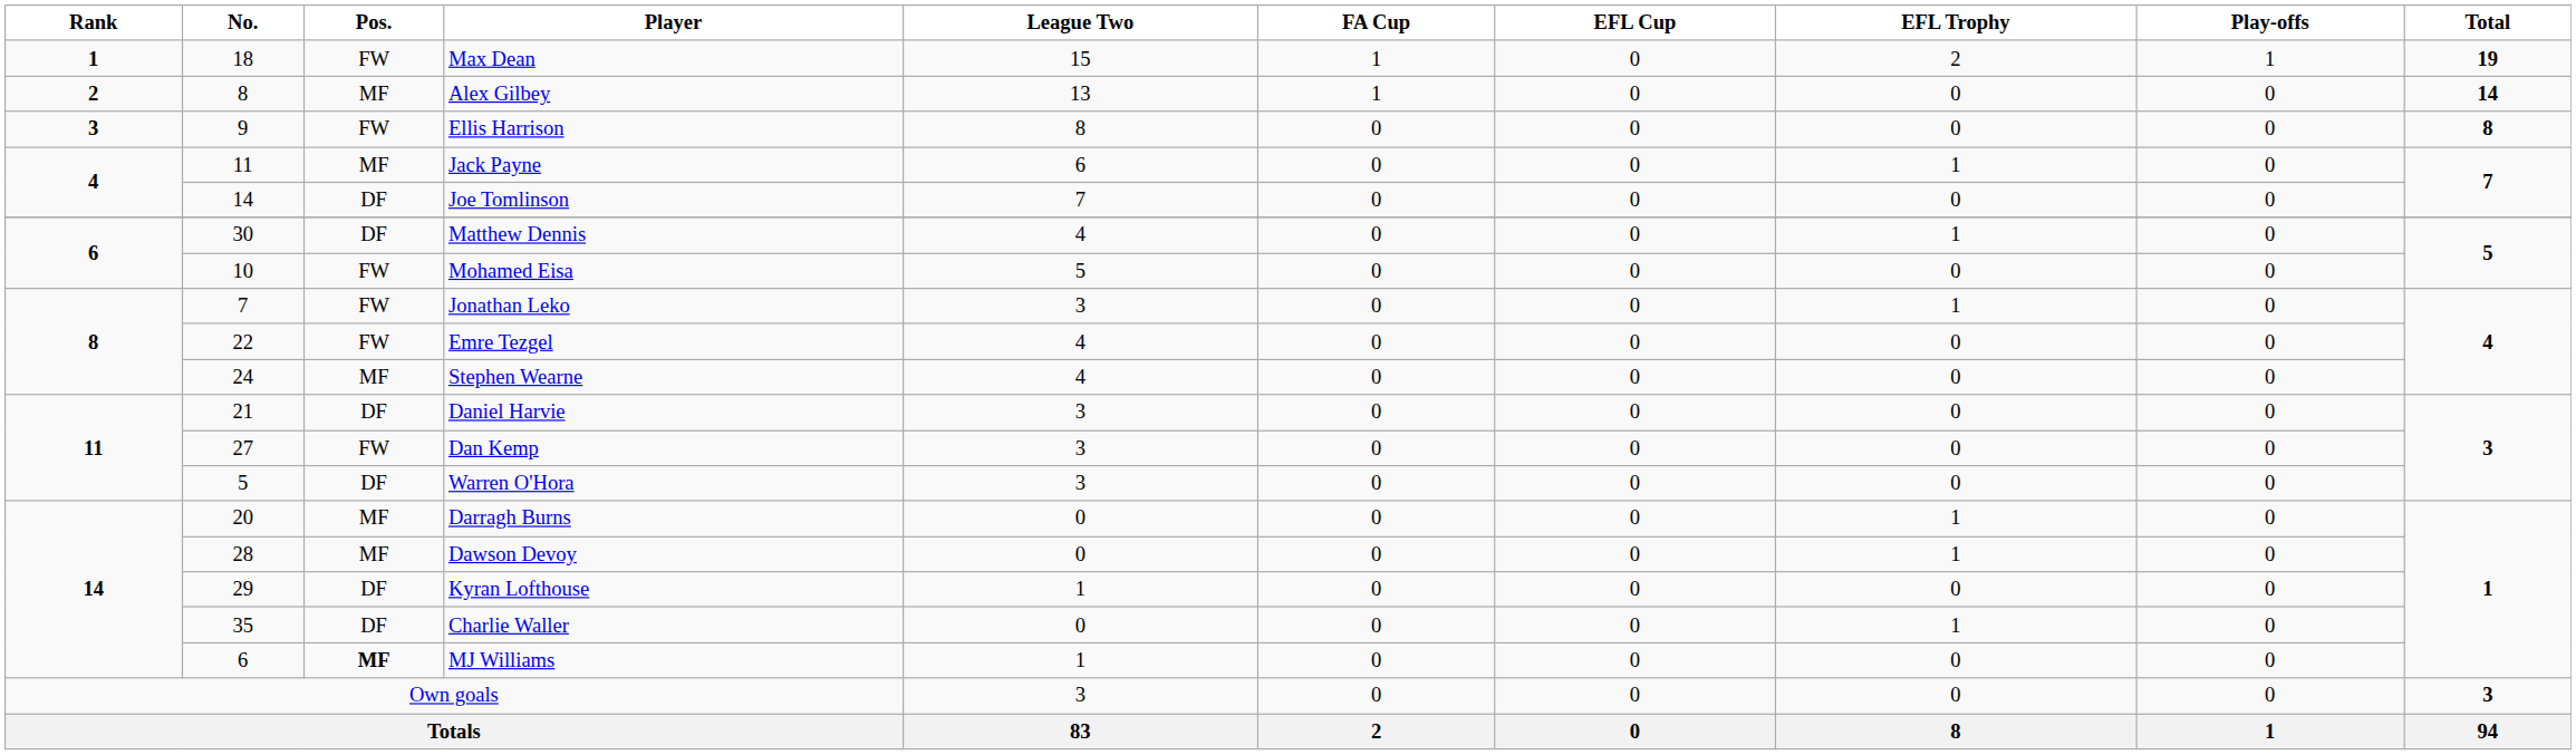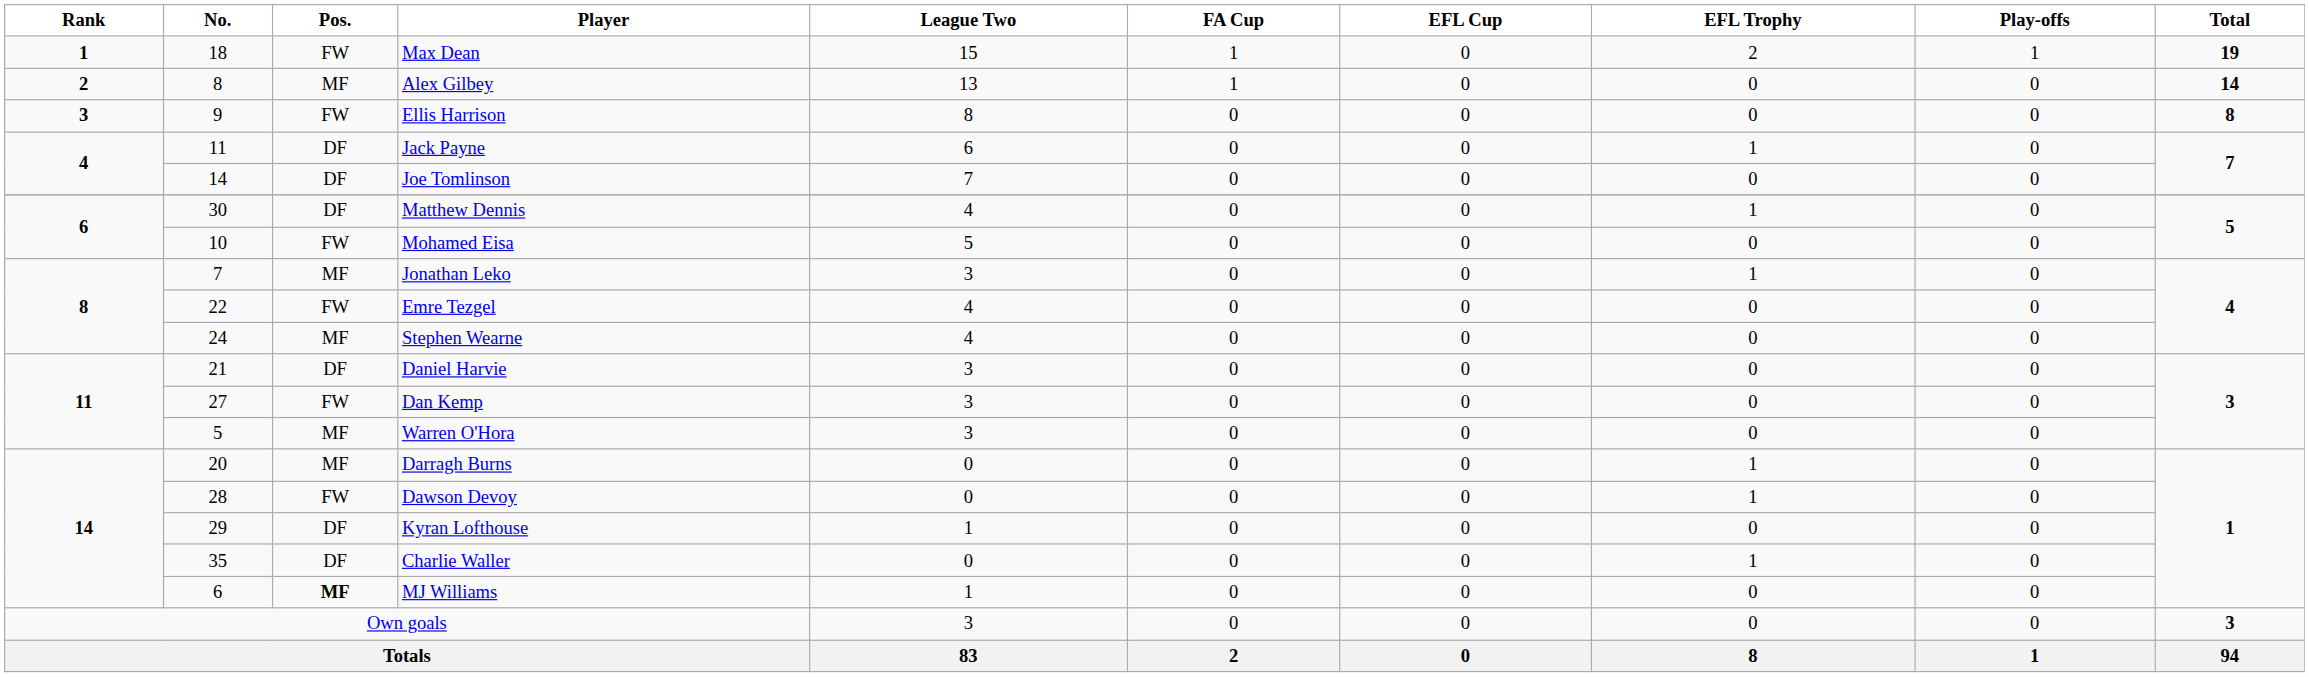 <table class="wikitable" style="font-size:100%; text-align:center; line-height:20px; width:100%;">
 <tr>
 <th style="background:white; color:black; ">Rank</th>
 <th style="background:white; color:black; ">No.</th>
 <th style="background:white; color:black; ">Pos.</th>
 <th style="background:white; color:black; ">Player</th>
 <th style="background:white; color:black; ">League Two</th>
 <th style="background:white; color:black; ">FA Cup</th>
 <th style="background:white; color:black; ">EFL Cup</th>
 <th style="background:white; color:black; ">EFL Trophy</th>
 <th style="background:white; color:black; ">Play-offs</th>
 <th style="background:white; color:black; ">Total</th>
 </tr>
 <tr>
 <td><strong>1</strong></td>
 <td>18</td>
 <td>FW</td>
 <td style="text-align:left;"> <a href='#'>Max Dean</a></td>
 <td>15</td>
 <td>1</td>
 <td>0</td>
 <td>2</td>
 <td>1</td>
 <td><strong>19</strong></td>
 </tr>
 <tr>
 <td><strong>2</strong></td>
 <td>8</td>
 <td>MF</td>
 <td style="text-align:left;"> <a href='#'>Alex Gilbey</a></td>
 <td>13</td>
 <td>1</td>
 <td>0</td>
 <td>0</td>
 <td>0</td>
 <td><strong>14</strong></td>
 </tr>
 <tr>
 <td><strong>3</strong></td>
 <td>9</td>
 <td>FW</td>
 <td style="text-align:left;"> <a href='#'>Ellis Harrison</a></td>
 <td>8</td>
 <td>0</td>
 <td>0</td>
 <td>0</td>
 <td>0</td>
 <td><strong>8</strong></td>
 </tr>
 <tr>
 <td rowspan=2><strong>4</strong></td>
 <td>11</td>
-<td>MF</td>
+<td>DF</td>
 <td style="text-align:left;"> <a href='#'>Jack Payne</a></td>
 <td>6</td>
 <td>0</td>
 <td>0</td>
 <td>1</td>
 <td>0</td>
 <td rowspan=2><strong>7</strong></td>
 </tr>
 <tr>
 <td>14</td>
 <td>DF</td>
 <td style="text-align:left;"> <a href='#'>Joe Tomlinson</a></td>
 <td>7</td>
 <td>0</td>
 <td>0</td>
 <td>0</td>
 <td>0</td>
 </tr>
 <tr>
 </tr>
 <tr>
 <td rowspan=2><strong>6</strong></td>
 <td>30</td>
 <td>DF</td>
 <td style="text-align:left;"> <a href='#'>Matthew Dennis</a></td>
 <td>4</td>
 <td>0</td>
 <td>0</td>
 <td>1</td>
 <td>0</td>
 <td rowspan=2><strong>5</strong></td>
 </tr>
 <tr>
 <td>10</td>
 <td>FW</td>
 <td style="text-align:left;"> <a href='#'>Mohamed Eisa</a></td>
 <td>5</td>
 <td>0</td>
 <td>0</td>
 <td>0</td>
 <td>0</td>
 </tr>
 <tr>
 <td rowspan=3><strong>8</strong></td>
 <td>7</td>
-<td>FW</td>
+<td>MF</td>
 <td style="text-align:left;"> <a href='#'>Jonathan Leko</a></td>
 <td>3</td>
 <td>0</td>
 <td>0</td>
 <td>1</td>
 <td>0</td>
 <td rowspan=3><strong>4</strong></td>
 </tr>
 <tr>
 <td>22</td>
 <td>FW</td>
 <td style="text-align:left;"> <a href='#'>Emre Tezgel</a></td>
 <td>4</td>
 <td>0</td>
 <td>0</td>
 <td>0</td>
 <td>0</td>
 </tr>
 <tr>
 <td>24</td>
 <td>MF</td>
 <td style="text-align:left;"> <a href='#'>Stephen Wearne</a></td>
 <td>4</td>
 <td>0</td>
 <td>0</td>
 <td>0</td>
 <td>0</td>
 </tr>
 <tr>
 <td rowspan=3><strong>11</strong></td>
 <td>21</td>
 <td>DF</td>
 <td style="text-align:left;"> <a href='#'>Daniel Harvie</a></td>
 <td>3</td>
 <td>0</td>
 <td>0</td>
 <td>0</td>
 <td>0</td>
 <td rowspan=3><strong>3</strong></td>
 </tr>
 <tr>
 <td>27</td>
 <td>FW</td>
 <td style="text-align:left;"> <a href='#'>Dan Kemp</a></td>
 <td>3</td>
 <td>0</td>
 <td>0</td>
 <td>0</td>
 <td>0</td>
 </tr>
 <tr>
 <td>5</td>
-<td>DF</td>
+<td>MF</td>
 <td style="text-align:left;"> <a href='#'>Warren O'Hora</a></td>
 <td>3</td>
 <td>0</td>
 <td>0</td>
 <td>0</td>
 <td>0</td>
 </tr>
 <tr>
 <td rowspan=5><strong>14</strong></td>
 <td>20</td>
 <td>MF</td>
 <td style="text-align:left;"> <a href='#'>Darragh Burns</a></td>
 <td>0</td>
 <td>0</td>
 <td>0</td>
 <td>1</td>
 <td>0</td>
 <td rowspan=5><strong>1</strong></td>
 </tr>
 <tr>
 <td>28</td>
-<td>MF</td>
+<td>FW</td>
 <td style="text-align:left;"> <a href='#'>Dawson Devoy</a></td>
 <td>0</td>
 <td>0</td>
 <td>0</td>
 <td>1</td>
 <td>0</td>
 </tr>
 <tr>
 <td>29</td>
 <td>DF</td>
 <td style="text-align:left;"> <a href='#'>Kyran Lofthouse</a></td>
 <td>1</td>
 <td>0</td>
 <td>0</td>
 <td>0</td>
 <td>0</td>
 </tr>
 <tr>
 <td>35</td>
 <td>DF</td>
 <td style="text-align:left;"> <a href='#'>Charlie Waller</a></td>
 <td>0</td>
 <td>0</td>
 <td>0</td>
 <td>1</td>
 <td>0</td>
 </tr>
 <tr>
 <td>6</td>
 <td><strong>MF</strong></td>
 <td style="text-align:left;"> <a href='#'>MJ Williams</a></td>
 <td>1</td>
 <td>0</td>
 <td>0</td>
 <td>0</td>
 <td>0</td>
 </tr>
 <tr>
 <td colspan="4"><a href='#'>Own goals</a></td>
 <td>3</td>
 <td>0</td>
 <td>0</td>
 <td>0</td>
 <td>0</td>
 <td><strong>3</strong></td>
 </tr>
 <tr class="sortbottom">
 <th colspan="4">Totals</th>
 <th>83</th>
 <th>2</th>
 <th>0</th>
 <th>8</th>
 <th>1</th>
 <th>94</th>
 </tr>
 </table>
